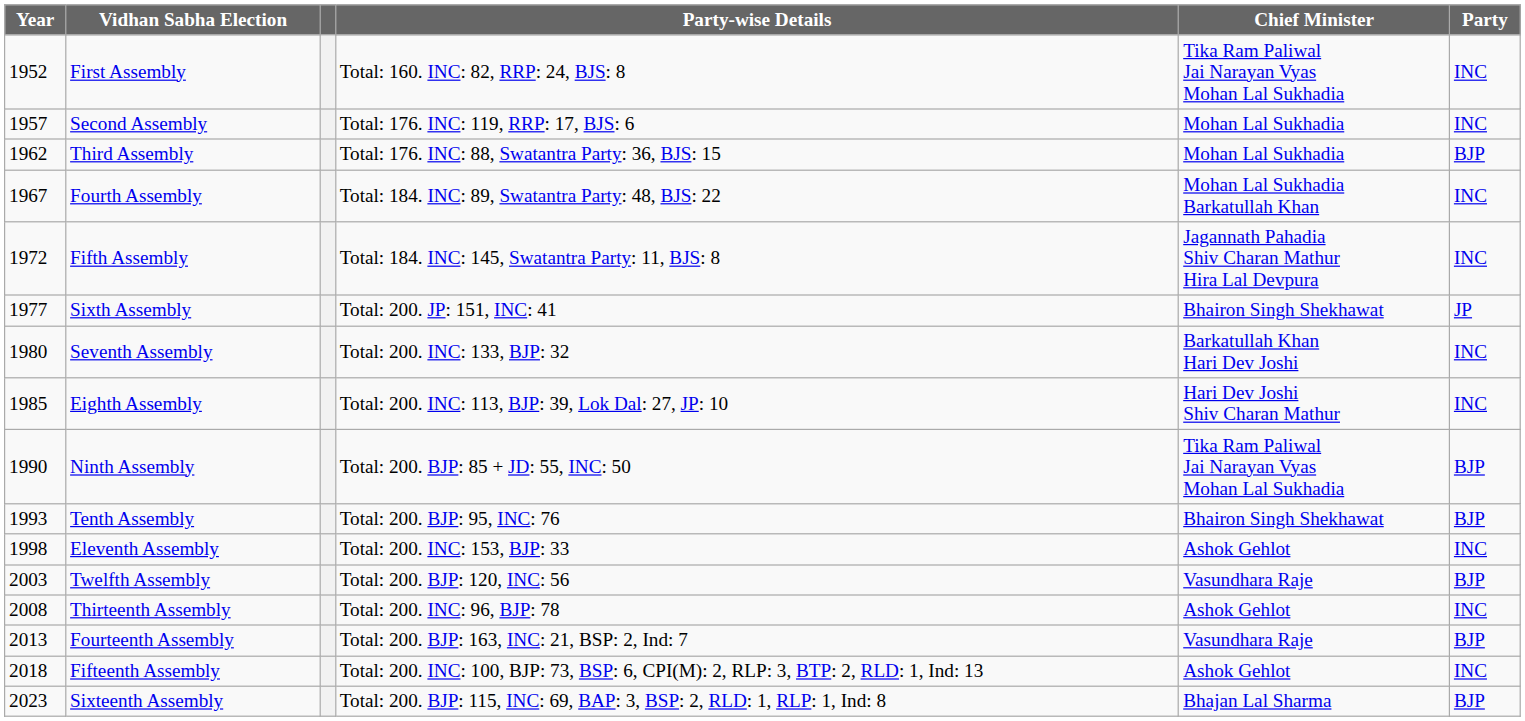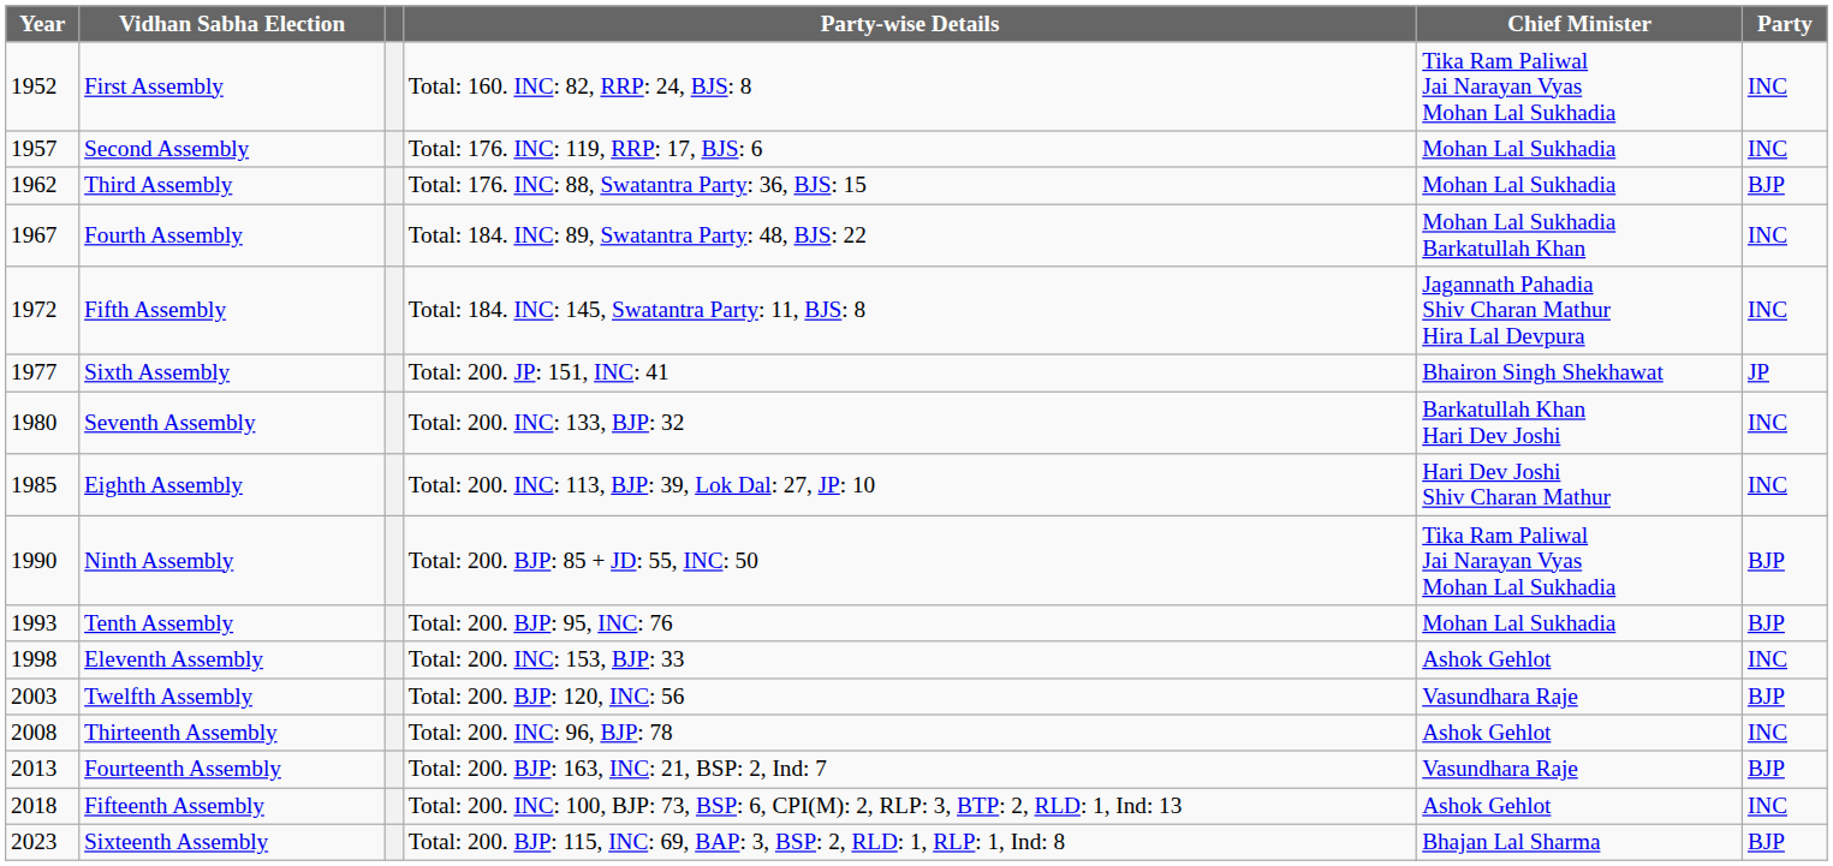 <table class="wikitable" width="100%" style="font-size: x-big; font-family: verdana">
 <tr>
 <th style="background-color:#666666; color:white">Year</th>
 <th style="background-color:#666666; color:white">Vidhan Sabha Election</th>
 <td style=" background-color:#666666; width:5px"></td>
 <th style="background-color:#666666; color:white">Party-wise Details</th>
 <th style="background-color:#666666; color:white">Chief Minister</th>
 <th style="background-color:#666666; color:white">Party</th>
 </tr>
 <tr --->
 </tr>
 <tr --->
 <td>1952</td>
 <td><a href='#'>First Assembly</a></td>
 <th style="background-color: "></th>
 <td>Total: 160. <a href='#'>INC</a>: 82, <a href='#'>RRP</a>: 24, <a href='#'>BJS</a>: 8</td>
 <td><a href='#'>Tika Ram Paliwal</a> <br> <a href='#'>Jai Narayan Vyas</a> <br> <a href='#'>Mohan Lal Sukhadia</a></td>
 <td><a href='#'>INC</a></td>
 </tr>
 <tr --->
 <td>1957</td>
 <td><a href='#'>Second Assembly</a></td>
 <th style="background-color: "></th>
 <td>Total: 176. <a href='#'>INC</a>: 119, <a href='#'>RRP</a>: 17, <a href='#'>BJS</a>: 6</td>
 <td><a href='#'>Mohan Lal Sukhadia</a></td>
 <td><a href='#'>INC</a></td>
 </tr>
 <tr --->
 <td>1962</td>
 <td><a href='#'>Third Assembly</a></td>
 <th style="background-color: "></th>
 <td>Total: 176. <a href='#'>INC</a>: 88, <a href='#'>Swatantra Party</a>: 36, <a href='#'>BJS</a>: 15</td>
 <td><a href='#'>Mohan Lal Sukhadia</a></td>
 <td><a href='#'>BJP</a></td>
 </tr>
 <tr --->
 <td>1967</td>
 <td><a href='#'>Fourth Assembly</a></td>
 <th style="background-color: "></th>
 <td>Total: 184. <a href='#'>INC</a>: 89, <a href='#'>Swatantra Party</a>: 48, <a href='#'>BJS</a>: 22</td>
 <td><a href='#'>Mohan Lal Sukhadia</a> <br> <a href='#'>Barkatullah Khan</a></td>
 <td><a href='#'>INC</a></td>
 </tr>
 <tr --->
 <td>1972</td>
 <td><a href='#'>Fifth Assembly</a></td>
 <th style="background-color: "></th>
 <td>Total: 184. <a href='#'>INC</a>: 145, <a href='#'>Swatantra Party</a>: 11, <a href='#'>BJS</a>: 8</td>
 <td><a href='#'>Jagannath Pahadia</a> <br> <a href='#'>Shiv Charan Mathur</a> <br> <a href='#'>Hira Lal Devpura</a></td>
 <td><a href='#'>INC</a></td>
 </tr>
 <tr --->
 <td>1977</td>
 <td><a href='#'>Sixth Assembly</a></td>
 <th style="background-color: "></th>
 <td>Total: 200. <a href='#'>JP</a>: 151, <a href='#'>INC</a>: 41</td>
 <td><a href='#'>Bhairon Singh Shekhawat</a></td>
 <td><a href='#'>JP</a></td>
 </tr>
 <tr --->
 <td>1980</td>
 <td><a href='#'>Seventh Assembly</a></td>
 <th style="background-color: "></th>
 <td>Total: 200. <a href='#'>INC</a>: 133, <a href='#'>BJP</a>: 32</td>
 <td><a href='#'>Barkatullah Khan</a> <br> <a href='#'>Hari Dev Joshi</a></td>
 <td><a href='#'>INC</a></td>
 </tr>
 <tr --->
 <td>1985</td>
 <td><a href='#'>Eighth Assembly</a></td>
 <th style="background-color: "></th>
 <td>Total: 200. <a href='#'>INC</a>: 113, <a href='#'>BJP</a>: 39, <a href='#'>Lok Dal</a>: 27, <a href='#'>JP</a>: 10</td>
 <td><a href='#'>Hari Dev Joshi</a> <br> <a href='#'>Shiv Charan Mathur</a></td>
 <td><a href='#'>INC</a></td>
 </tr>
 <tr --->
 <td>1990</td>
 <td><a href='#'>Ninth Assembly</a></td>
 <th style="background-color: "></th>
 <td>Total: 200. <a href='#'>BJP</a>: 85 + <a href='#'>JD</a>: 55, <a href='#'>INC</a>: 50</td>
 <td><a href='#'>Tika Ram Paliwal</a> <br> <a href='#'>Jai Narayan Vyas</a> <br> <a href='#'>Mohan Lal Sukhadia</a></td>
 <td><a href='#'>BJP</a></td>
 </tr>
 <tr --->
 <td>1993</td>
 <td><a href='#'>Tenth Assembly</a></td>
 <th style="background-color: "></th>
 <td>Total: 200. <a href='#'>BJP</a>: 95, <a href='#'>INC</a>: 76</td>
-<td><a href='#'>Bhairon Singh Shekhawat</a></td>
+<td><a href='#'>Mohan Lal Sukhadia</a></td>
 <td><a href='#'>BJP</a></td>
 </tr>
 <tr --->
 <td>1998</td>
 <td><a href='#'>Eleventh Assembly</a></td>
 <th style="background-color: "></th>
 <td>Total: 200. <a href='#'>INC</a>: 153, <a href='#'>BJP</a>: 33</td>
 <td><a href='#'>Ashok Gehlot</a></td>
 <td><a href='#'>INC</a></td>
 </tr>
 <tr --->
 <td>2003</td>
 <td><a href='#'>Twelfth Assembly</a></td>
 <th style="background-color: "></th>
 <td>Total: 200. <a href='#'>BJP</a>: 120, <a href='#'>INC</a>: 56</td>
 <td><a href='#'>Vasundhara Raje</a></td>
 <td><a href='#'>BJP</a></td>
 </tr>
 <tr --->
 <td>2008</td>
 <td><a href='#'>Thirteenth Assembly</a></td>
 <th style="background-color: "></th>
 <td>Total: 200. <a href='#'>INC</a>: 96, <a href='#'>BJP</a>: 78</td>
 <td><a href='#'>Ashok Gehlot</a></td>
 <td><a href='#'>INC</a></td>
 </tr>
 <tr --->
 <td>2013</td>
 <td><a href='#'>Fourteenth Assembly</a></td>
 <th style="background-color: "></th>
 <td>Total: 200. <a href='#'>BJP</a>: 163, <a href='#'>INC</a>: 21, BSP: 2, Ind: 7</td>
 <td><a href='#'>Vasundhara Raje</a></td>
 <td><a href='#'>BJP</a></td>
 </tr>
 <tr --->
 <td>2018</td>
 <td><a href='#'>Fifteenth Assembly</a></td>
 <th style="background-color: "></th>
 <td>Total: 200. <a href='#'>INC</a>: 100, BJP: 73,  <a href='#'>BSP</a>: 6, CPI(M): 2, RLP: 3, <a href='#'>BTP</a>: 2, <a href='#'>RLD</a>: 1, Ind: 13</td>
 <td><a href='#'>Ashok Gehlot</a></td>
 <td><a href='#'>INC</a></td>
 </tr>
 <tr --->
 <td>2023</td>
 <td><a href='#'>Sixteenth Assembly</a></td>
 <th style="background-color: "></th>
 <td>Total: 200. <a href='#'>BJP</a>: 115, <a href='#'>INC</a>: 69, <a href='#'>BAP</a>: 3, <a href='#'>BSP</a>: 2, <a href='#'>RLD</a>: 1, <a href='#'>RLP</a>: 1, Ind: 8</td>
 <td><a href='#'>Bhajan Lal Sharma</a></td>
 <td><a href='#'>BJP</a></td>
 </tr>
 </table>
